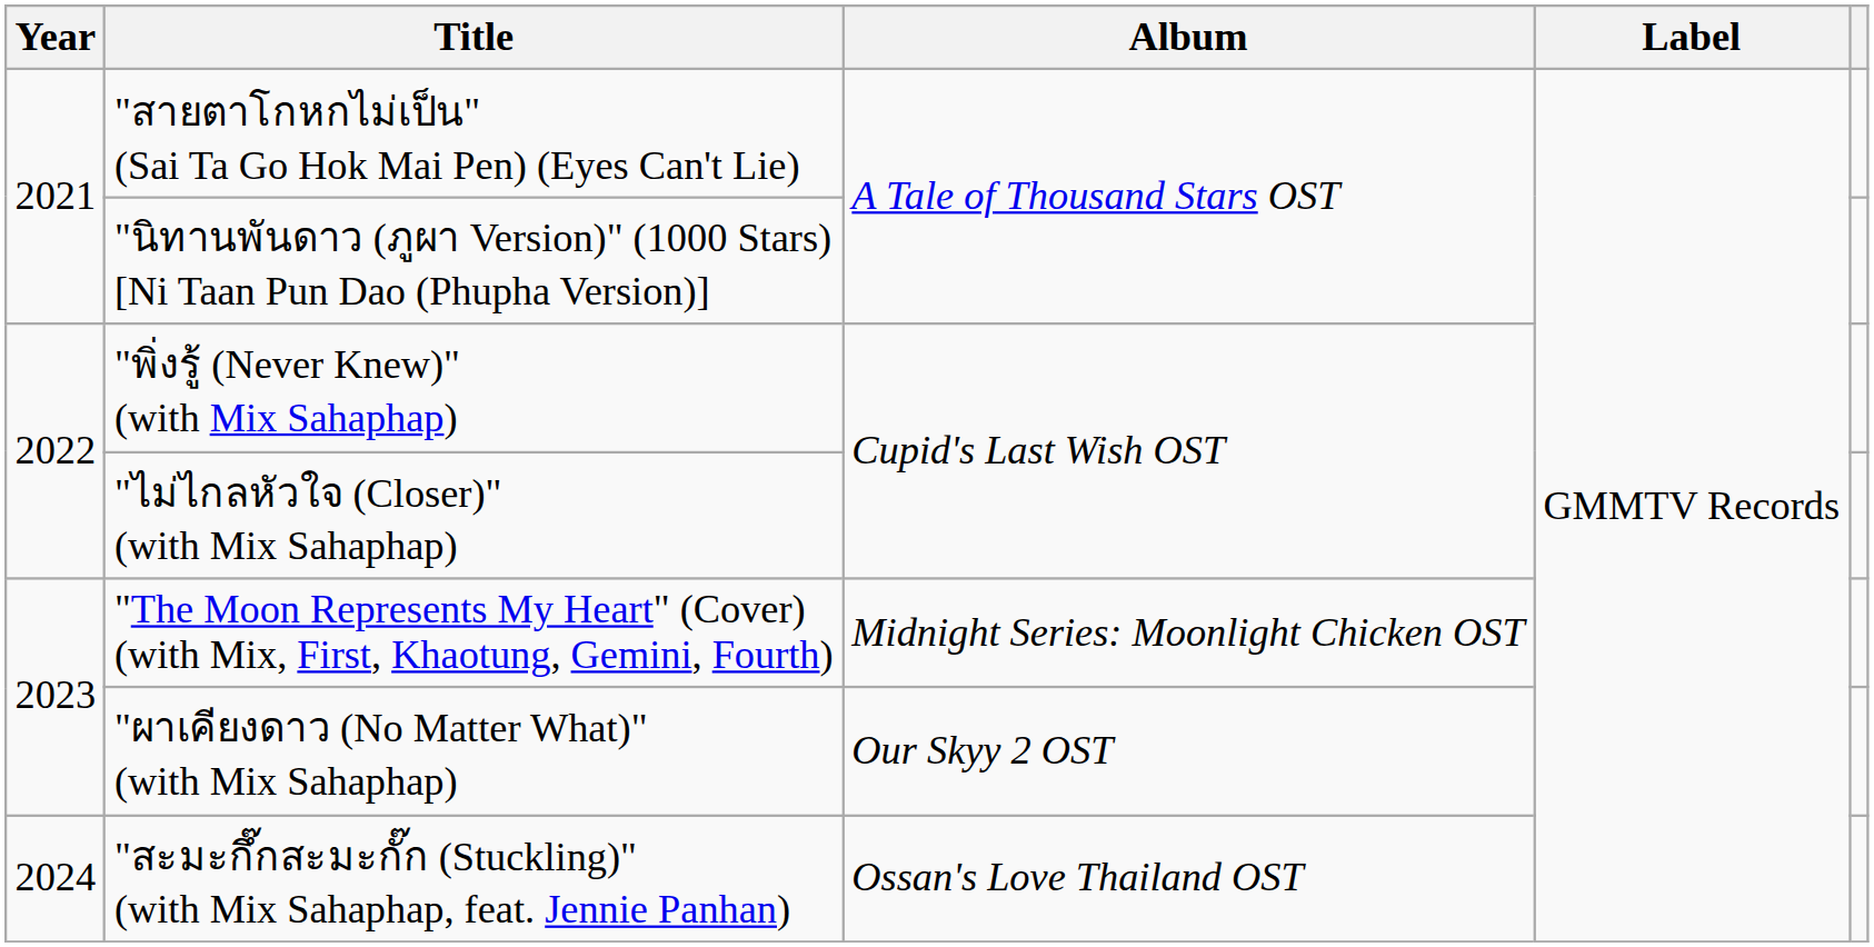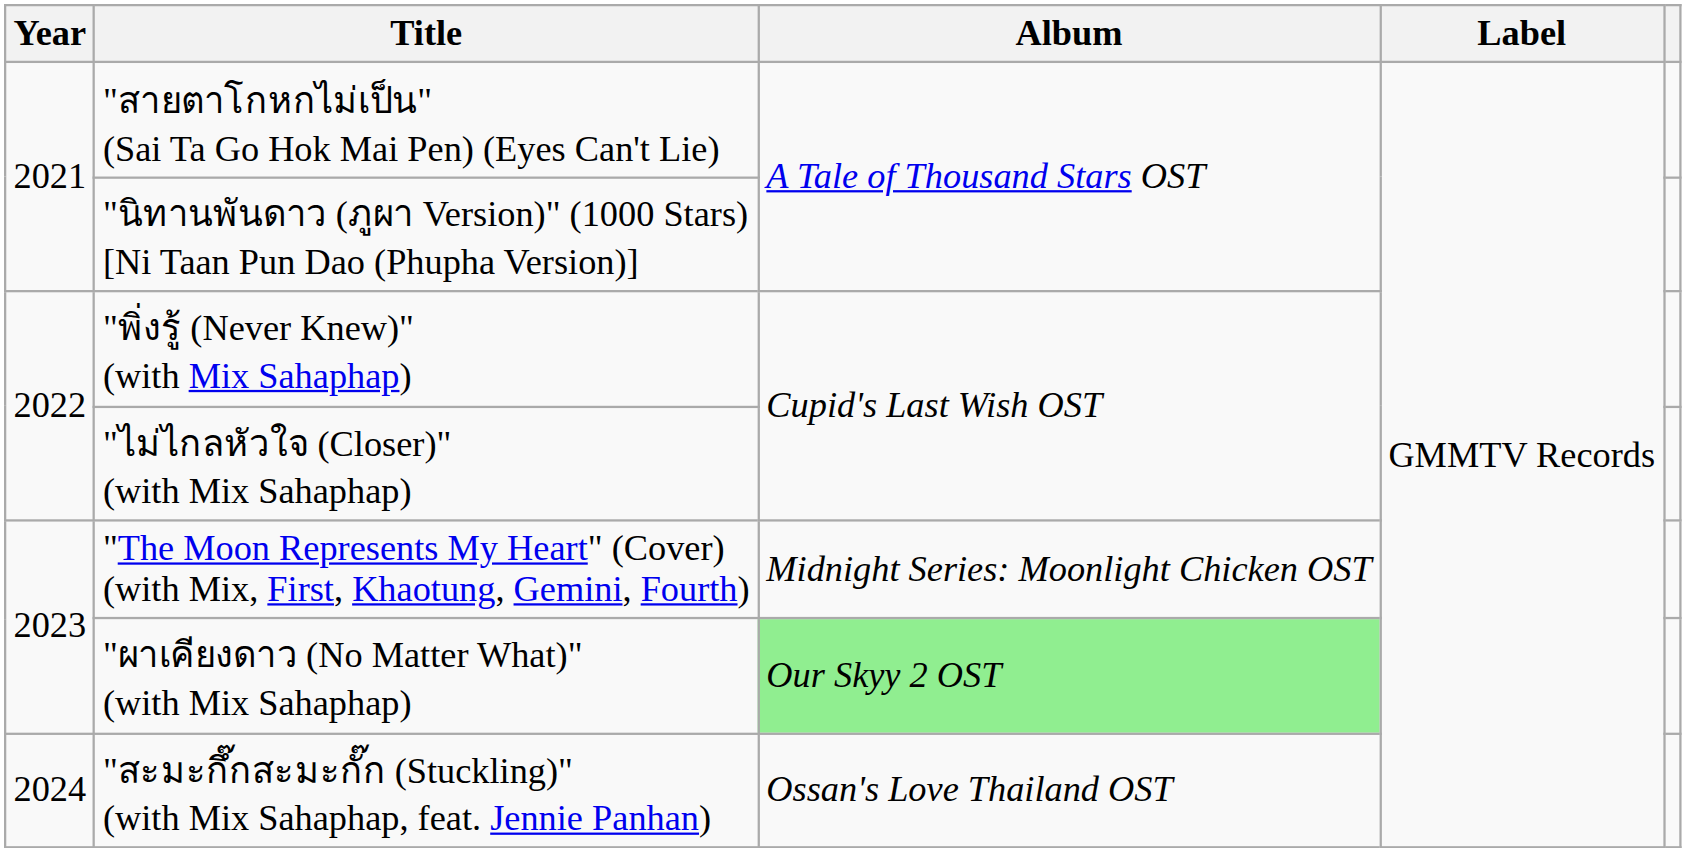 <table class="wikitable sortable plainrowheaders">
 <tr>
 <th scope="col">Year</th>
 <th scope="col">Title</th>
 <th>Album</th>
 <th scope="col" class="unsortable">Label</th>
 <th scope="col" class="unsortable"></th>
 </tr>
 <tr>
 <td rowspan="2">2021</td>
 <td>"สายตาโกหกไม่เป็น"<br>(Sai Ta Go Hok Mai Pen) (Eyes Can't Lie)</td>
 <td rowspan="2"><em><a href='#'>A Tale of Thousand Stars</a> OST</em></td>
 <td rowspan="7">GMMTV Records</td>
 <td></td>
 </tr>
 <tr>
 <td>"นิทานพันดาว (ภูผา Version)" (1000 Stars)<br>[Ni Taan Pun Dao (Phupha Version)]</td>
 <td></td>
 </tr>
 <tr>
 <td rowspan="2">2022</td>
 <td>"พิ่งรู้ (Never Knew)"<br><span>(with <a href='#'>Mix Sahaphap</a>)</span></td>
 <td rowspan="2"><em>Cupid's Last Wish OST</em></td>
 <td></td>
 </tr>
 <tr>
 <td>"ไม่ไกลหัวใจ (Closer)"<br><span>(with Mix Sahaphap)</span></td>
 <td></td>
 </tr>
 <tr>
 <td rowspan="2">2023</td>
 <td>"<a href='#'>The Moon Represents My Heart</a>" (Cover)<span><br>(with Mix, <a href='#'>First</a>, <a href='#'>Khaotung</a>, <a href='#'>Gemini</a>, <a href='#'>Fourth</a>)</span></td>
 <td><em>Midnight Series: Moonlight Chicken OST</em></td>
 <td></td>
 </tr>
 <tr>
 <td>"ผาเคียงดาว (No Matter What)"<br><span>(with Mix Sahaphap)</span></td>
-<td><em>Our Skyy 2 OST</em></td>
+<td style="background: lightgreen;"><em>Our Skyy 2 OST</em></td>
 <td></td>
 </tr>
 <tr>
 <td>2024</td>
 <td>"สะมะกึ๊กสะมะกั๊ก (Stuckling)"<br><span>(with Mix Sahaphap, feat. <a href='#'>Jennie Panhan</a>)</span></td>
 <td><em>Ossan's Love Thailand OST</em></td>
 <td></td>
 </tr>
 </table>
